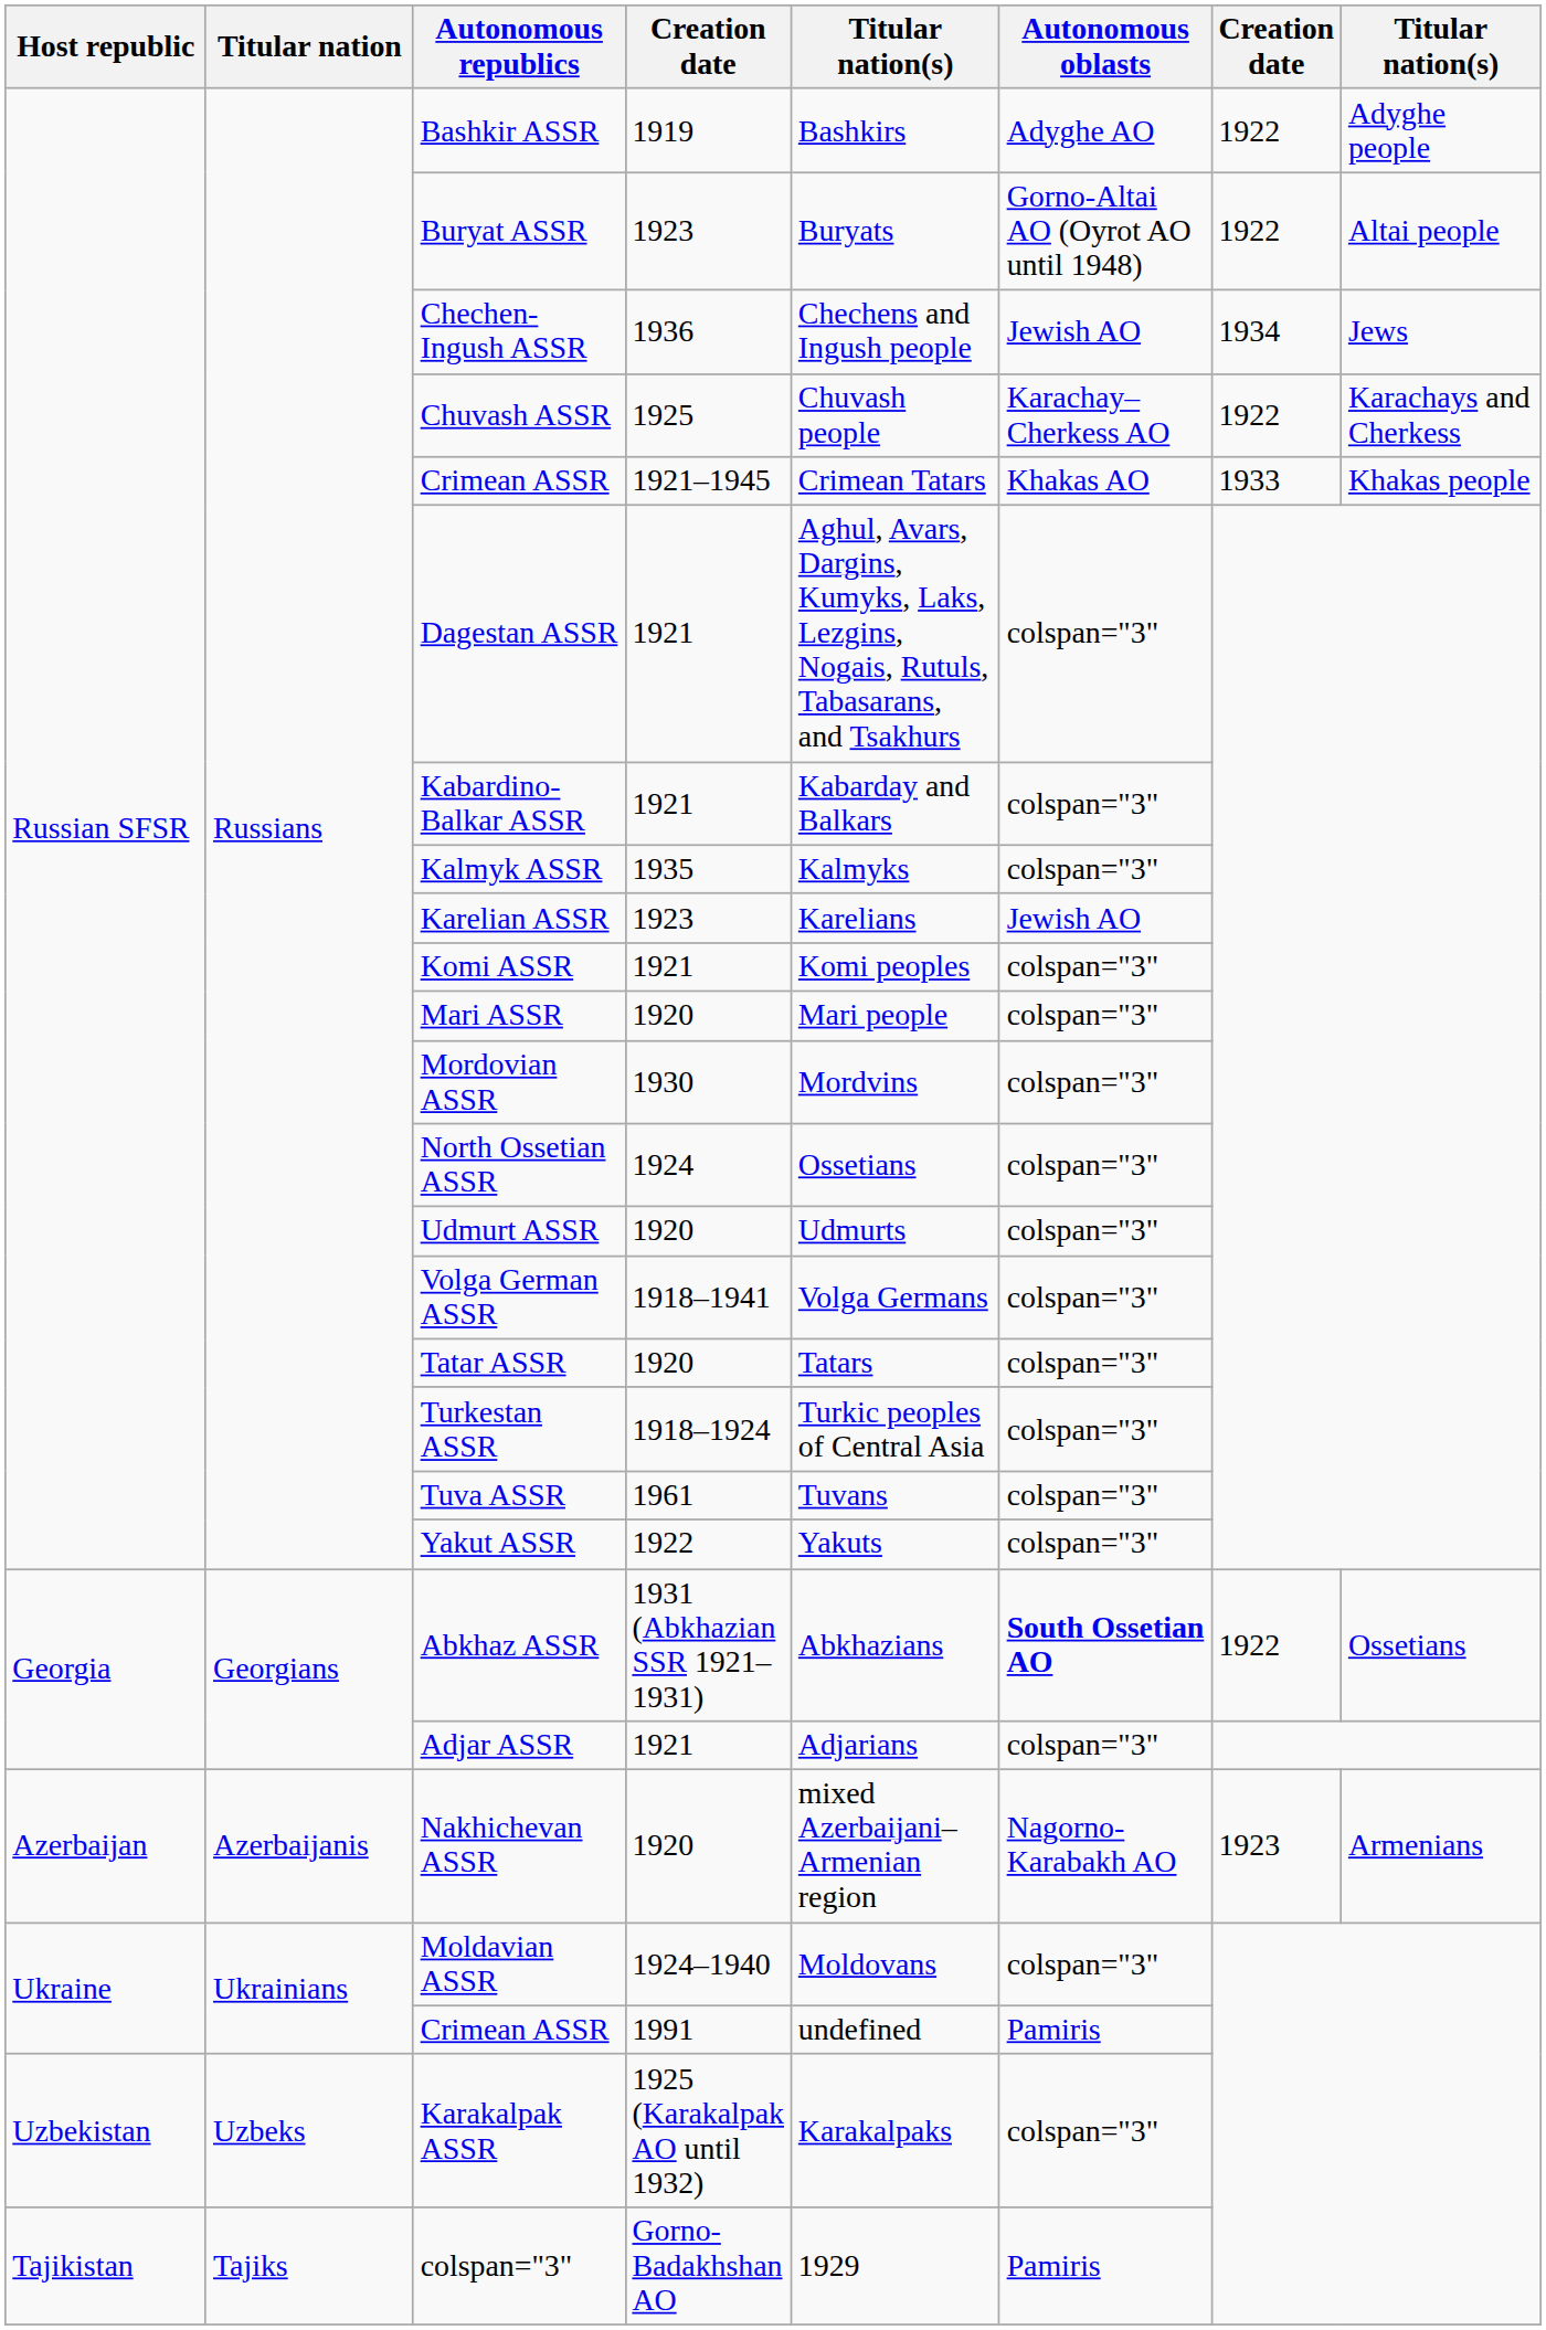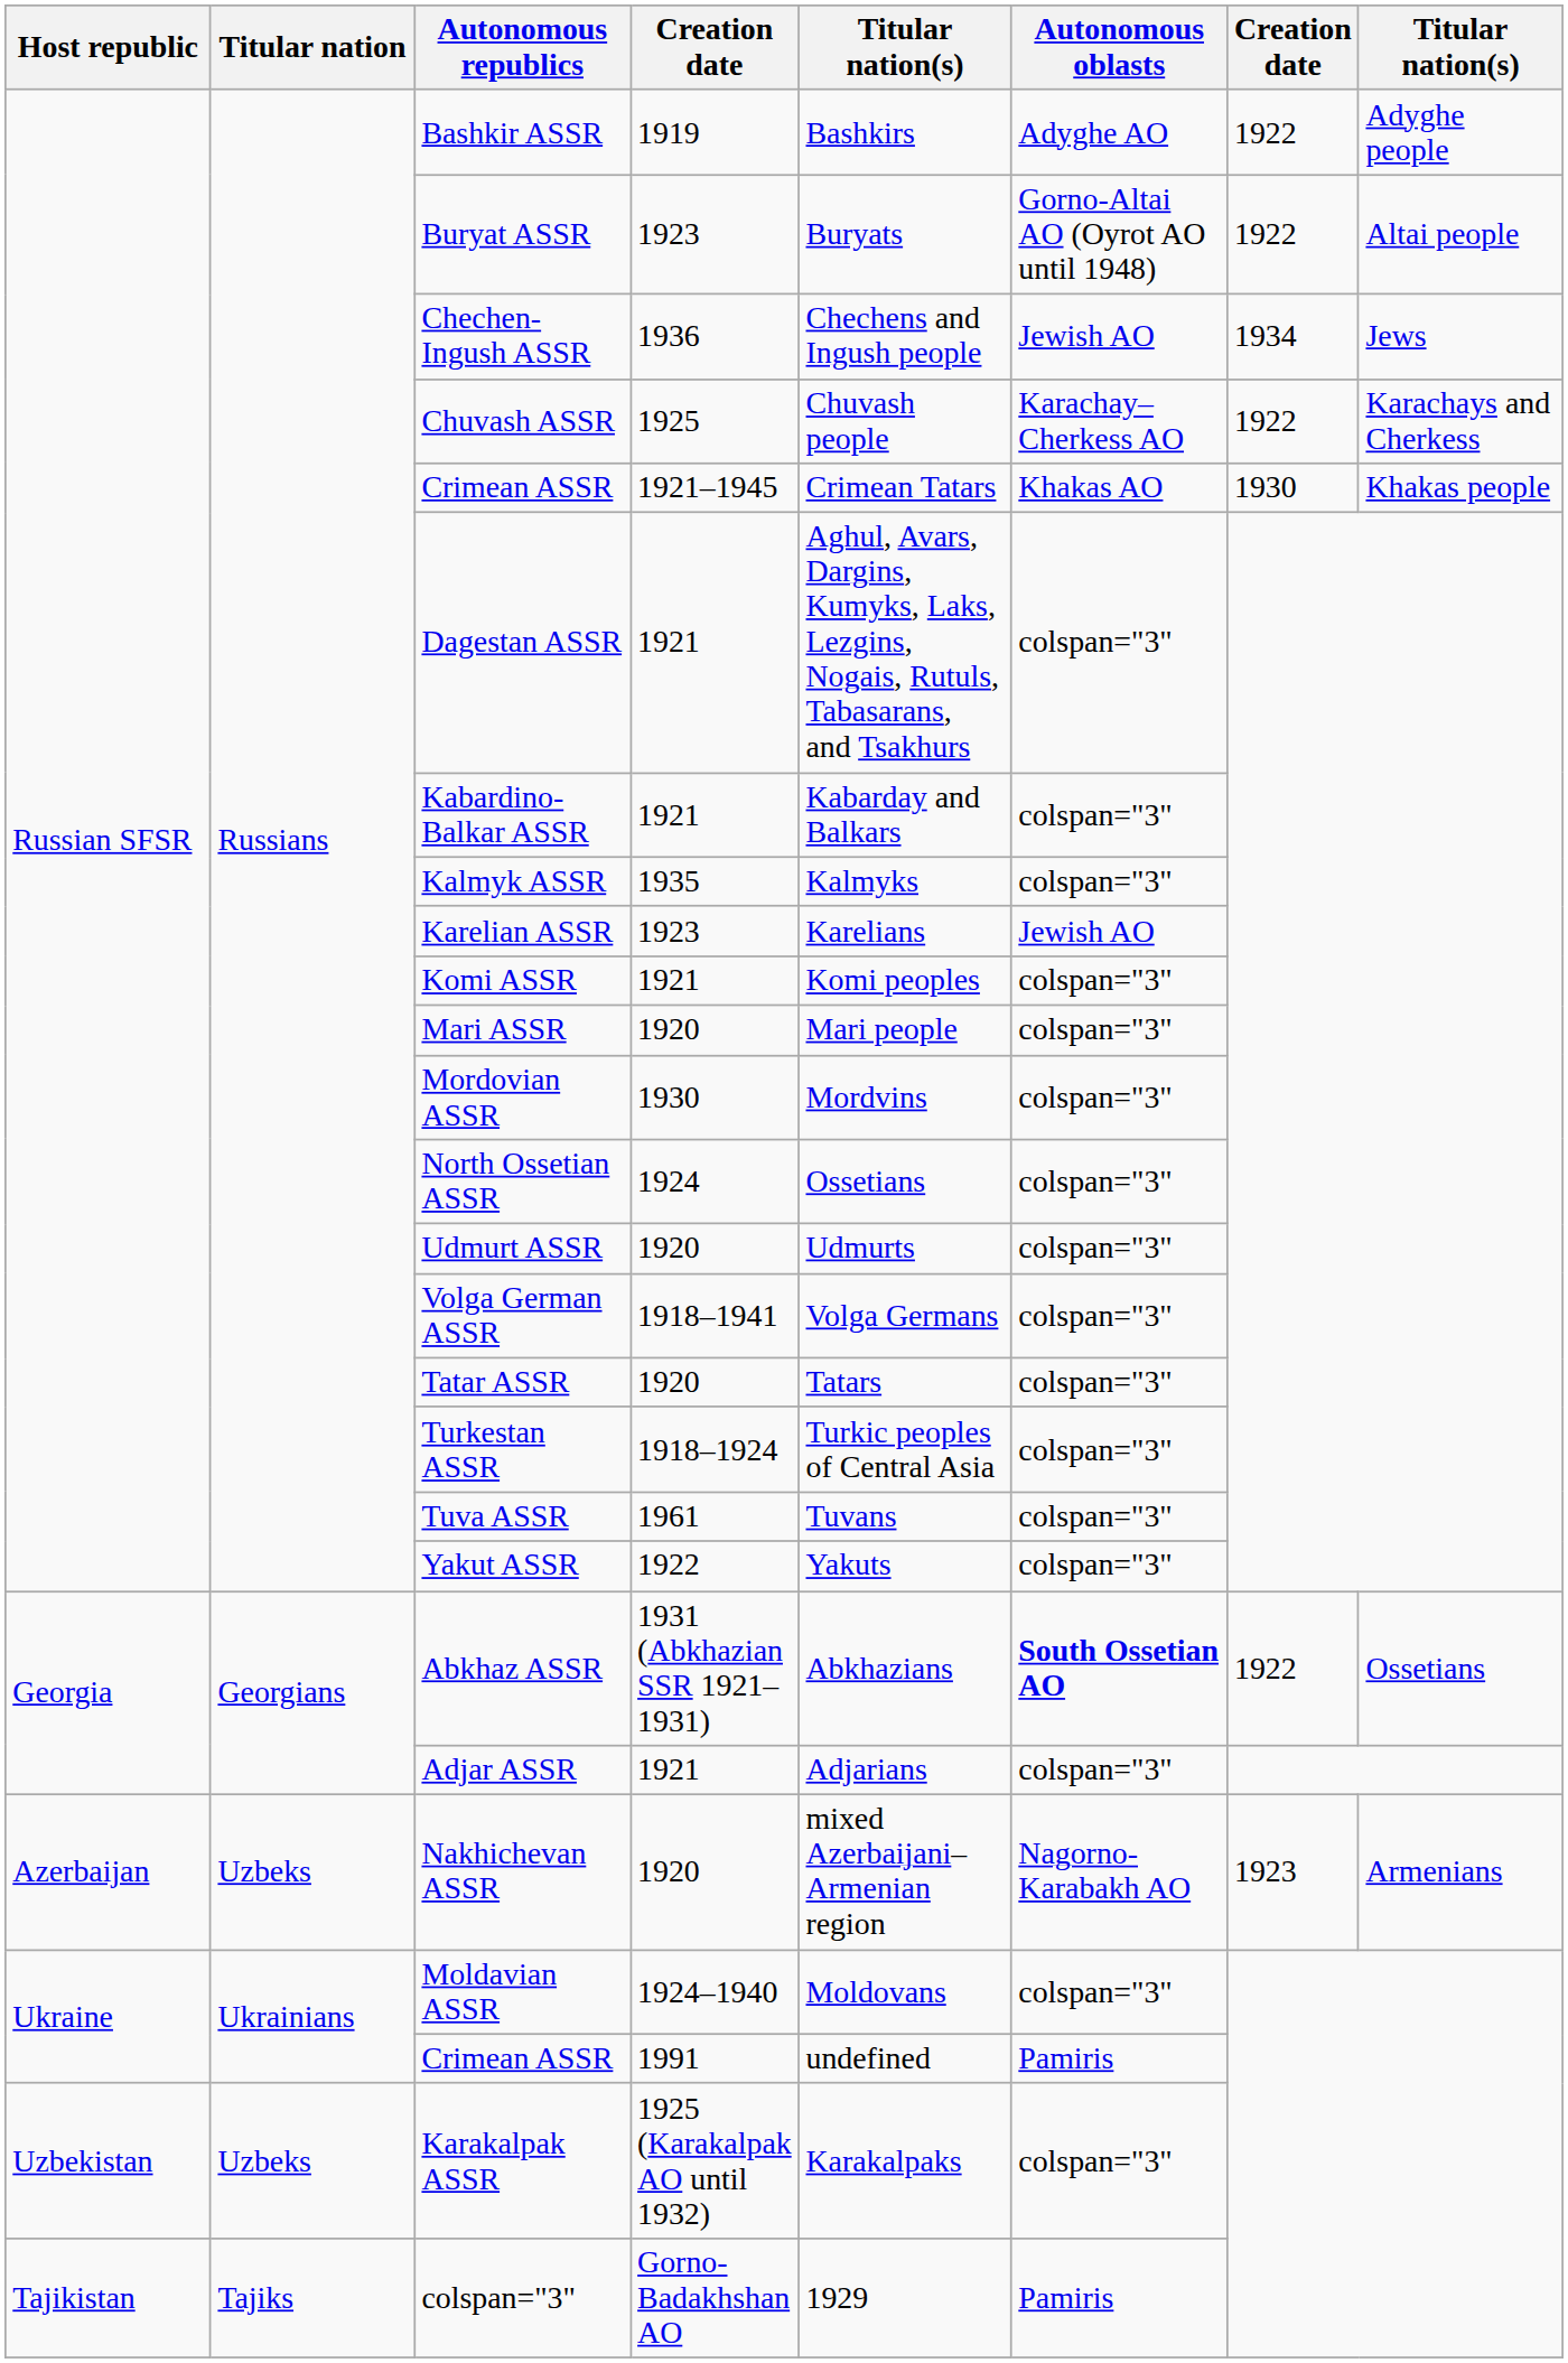 <table class="wikitable" style="width:800px;">
 <tr>
 <th width=15%>Host republic</th>
 <th style="width:15%;">Titular nation</th>
 <th style="width:15%;"><a href='#'>Autonomous republics</a></th>
 <th width=5%>Creation date</th>
 <th width=15%>Titular nation(s)</th>
 <th width=15%><a href='#'>Autonomous oblasts</a></th>
 <th width=5%>Creation date</th>
 <th width=15%>Titular nation(s)</th>
 </tr>
 <tr>
 <td rowspan=19><a href='#'>Russian SFSR</a></td>
 <td rowspan=19><a href='#'>Russians</a></td>
 <td><a href='#'>Bashkir ASSR</a></td>
 <td>1919</td>
 <td><a href='#'>Bashkirs</a></td>
 <td><a href='#'>Adyghe AO</a></td>
 <td>1922</td>
 <td><a href='#'>Adyghe people</a></td>
 </tr>
 <tr>
 <td><a href='#'>Buryat ASSR</a></td>
 <td>1923</td>
 <td><a href='#'>Buryats</a></td>
 <td><a href='#'>Gorno-Altai AO</a> (Oyrot AO until 1948)</td>
 <td>1922</td>
 <td><a href='#'>Altai people</a></td>
 </tr>
 <tr>
 <td><a href='#'>Chechen-Ingush ASSR</a></td>
 <td>1936</td>
 <td><a href='#'>Chechens</a> and <a href='#'>Ingush people</a></td>
 <td><a href='#'>Jewish AO</a></td>
 <td>1934</td>
 <td><a href='#'>Jews</a></td>
 </tr>
 <tr>
 <td><a href='#'>Chuvash ASSR</a></td>
 <td>1925</td>
 <td><a href='#'>Chuvash people</a></td>
 <td><a href='#'>Karachay–Cherkess AO</a></td>
 <td>1922</td>
 <td><a href='#'>Karachays</a> and <a href='#'>Cherkess</a></td>
 </tr>
 <tr>
 <td><a href='#'>Crimean ASSR</a></td>
 <td>1921–1945</td>
 <td><a href='#'>Crimean Tatars</a></td>
 <td><a href='#'>Khakas AO</a></td>
-<td>1933</td>
+<td>1930</td>
 <td><a href='#'>Khakas people</a></td>
 </tr>
 <tr>
 <td><a href='#'>Dagestan ASSR</a></td>
 <td>1921</td>
 <td><a href='#'>Aghul</a>, <a href='#'>Avars</a>, <a href='#'>Dargins</a>, <a href='#'>Kumyks</a>, <a href='#'>Laks</a>, <a href='#'>Lezgins</a>, <a href='#'>Nogais</a>, <a href='#'>Rutuls</a>, <a href='#'>Tabasarans</a>, and <a href='#'>Tsakhurs</a></td>
 <td>colspan="3" </td>
 </tr>
 <tr>
 <td><a href='#'>Kabardino-Balkar ASSR</a></td>
 <td>1921</td>
 <td><a href='#'>Kabarday</a> and <a href='#'>Balkars</a></td>
 <td>colspan="3" </td>
 </tr>
 <tr>
 <td><a href='#'>Kalmyk ASSR</a></td>
 <td>1935</td>
 <td><a href='#'>Kalmyks</a></td>
 <td>colspan="3" </td>
 </tr>
 <tr>
 <td><a href='#'>Karelian ASSR</a></td>
 <td>1923</td>
 <td><a href='#'>Karelians</a></td>
 <td><a href='#'>Jewish AO</a></td>
 </tr>
 <tr>
 <td><a href='#'>Komi ASSR</a></td>
 <td>1921</td>
 <td><a href='#'>Komi peoples</a></td>
 <td>colspan="3" </td>
 </tr>
 <tr>
 <td><a href='#'>Mari ASSR</a></td>
 <td>1920</td>
 <td><a href='#'>Mari people</a></td>
 <td>colspan="3" </td>
 </tr>
 <tr>
 <td><a href='#'>Mordovian ASSR</a></td>
 <td>1930</td>
 <td><a href='#'>Mordvins</a></td>
 <td>colspan="3" </td>
 </tr>
 <tr>
 <td><a href='#'>North Ossetian ASSR</a></td>
 <td>1924</td>
 <td><a href='#'>Ossetians</a></td>
 <td>colspan="3" </td>
 </tr>
 <tr>
 <td><a href='#'>Udmurt ASSR</a></td>
 <td>1920</td>
 <td><a href='#'>Udmurts</a></td>
 <td>colspan="3" </td>
 </tr>
 <tr>
 <td><a href='#'>Volga German ASSR</a></td>
 <td>1918–1941</td>
 <td><a href='#'>Volga Germans</a></td>
 <td>colspan="3" </td>
 </tr>
 <tr>
 <td><a href='#'>Tatar ASSR</a></td>
 <td>1920</td>
 <td><a href='#'>Tatars</a></td>
 <td>colspan="3" </td>
 </tr>
 <tr>
 <td><a href='#'>Turkestan ASSR</a></td>
 <td>1918–1924</td>
 <td><a href='#'>Turkic peoples</a> of Central Asia</td>
 <td>colspan="3" </td>
 </tr>
 <tr>
 <td><a href='#'>Tuva ASSR</a></td>
 <td>1961</td>
 <td><a href='#'>Tuvans</a></td>
 <td>colspan="3" </td>
 </tr>
 <tr>
 <td><a href='#'>Yakut ASSR</a></td>
 <td>1922</td>
 <td><a href='#'>Yakuts</a></td>
 <td>colspan="3" </td>
 </tr>
 <tr>
 <td rowspan=2><a href='#'>Georgia</a></td>
 <td rowspan=2><a href='#'>Georgians</a></td>
 <td><a href='#'>Abkhaz ASSR</a></td>
 <td>1931 <br>(<a href='#'>Abkhazian SSR</a> 1921–1931)</td>
 <td><a href='#'>Abkhazians</a></td>
 <td><strong><a href='#'>South Ossetian AO</a></strong></td>
 <td>1922</td>
 <td><a href='#'>Ossetians</a></td>
 </tr>
 <tr>
 <td><a href='#'>Adjar ASSR</a></td>
 <td>1921</td>
 <td><a href='#'>Adjarians</a></td>
 <td>colspan="3" </td>
 </tr>
 <tr>
 <td><a href='#'>Azerbaijan</a></td>
-<td><a href='#'>Azerbaijanis</a></td>
+<td><a href='#'>Uzbeks</a></td>
 <td><a href='#'>Nakhichevan ASSR</a></td>
 <td>1920</td>
 <td>mixed <a href='#'>Azerbaijani</a>–<a href='#'>Armenian</a> region</td>
 <td><a href='#'>Nagorno-Karabakh AO</a></td>
 <td>1923</td>
 <td><a href='#'>Armenians</a></td>
 </tr>
 <tr>
 <td rowspan=2><a href='#'>Ukraine</a></td>
 <td rowspan=2><a href='#'>Ukrainians</a></td>
 <td><a href='#'>Moldavian ASSR</a></td>
 <td>1924–1940</td>
 <td><a href='#'>Moldovans</a></td>
 <td>colspan="3" </td>
 </tr>
 <tr>
 <td><a href='#'>Crimean ASSR</a></td>
 <td>1991</td>
 <td>undefined</td>
 <td><a href='#'>Pamiris</a></td>
 </tr>
 <tr>
 <td><a href='#'>Uzbekistan</a></td>
 <td><a href='#'>Uzbeks</a></td>
 <td><a href='#'>Karakalpak ASSR</a></td>
 <td>1925 <br>(<a href='#'>Karakalpak AO</a> until 1932)</td>
 <td><a href='#'>Karakalpaks</a></td>
 <td>colspan="3" </td>
 </tr>
 <tr>
 <td><a href='#'>Tajikistan</a></td>
 <td><a href='#'>Tajiks</a></td>
 <td>colspan="3" </td>
 <td><a href='#'>Gorno-Badakhshan AO</a></td>
 <td>1929</td>
 <td><a href='#'>Pamiris</a></td>
 </tr>
 </table>
